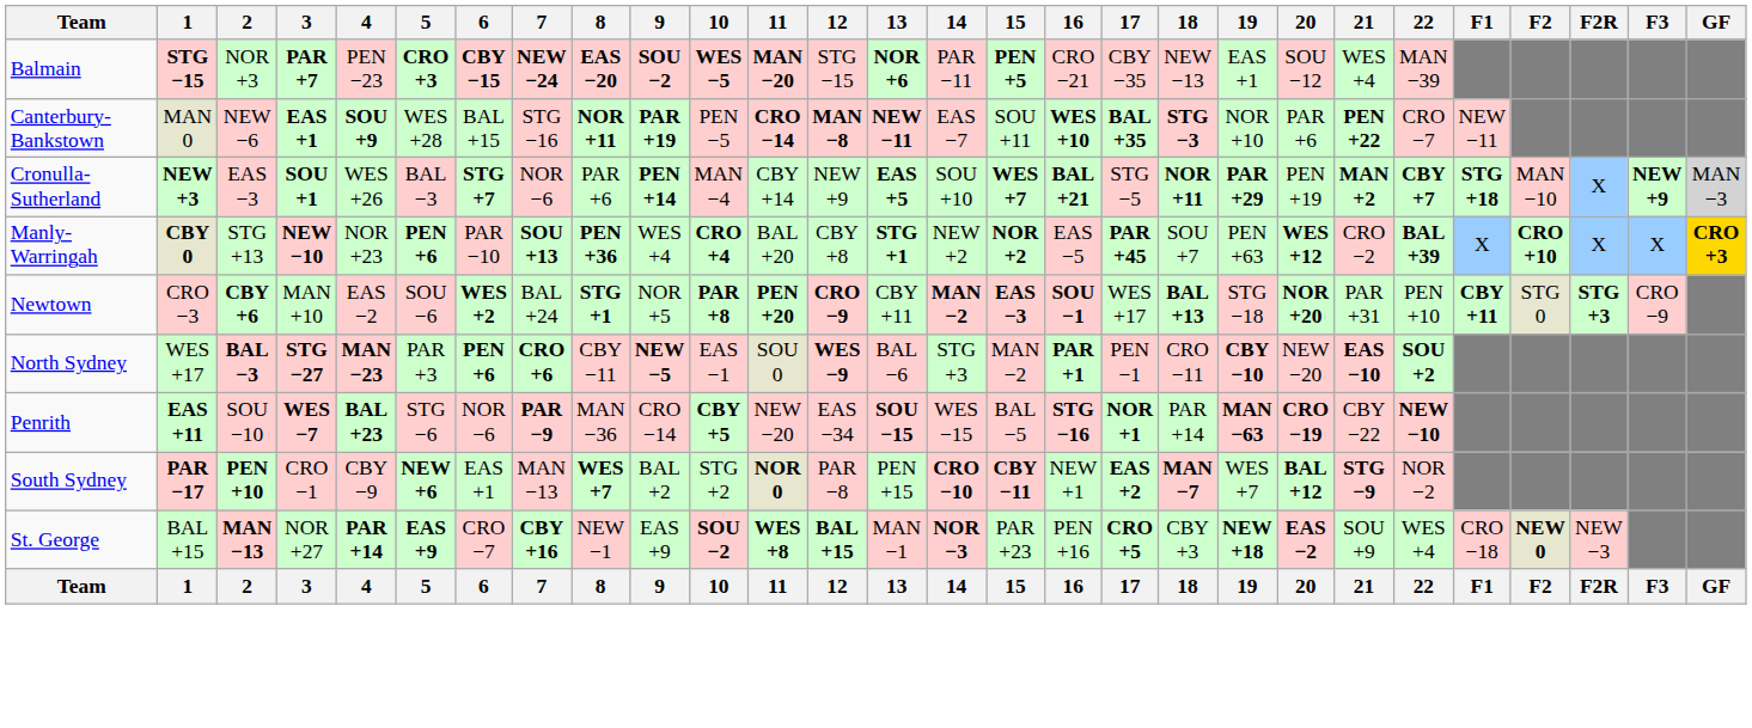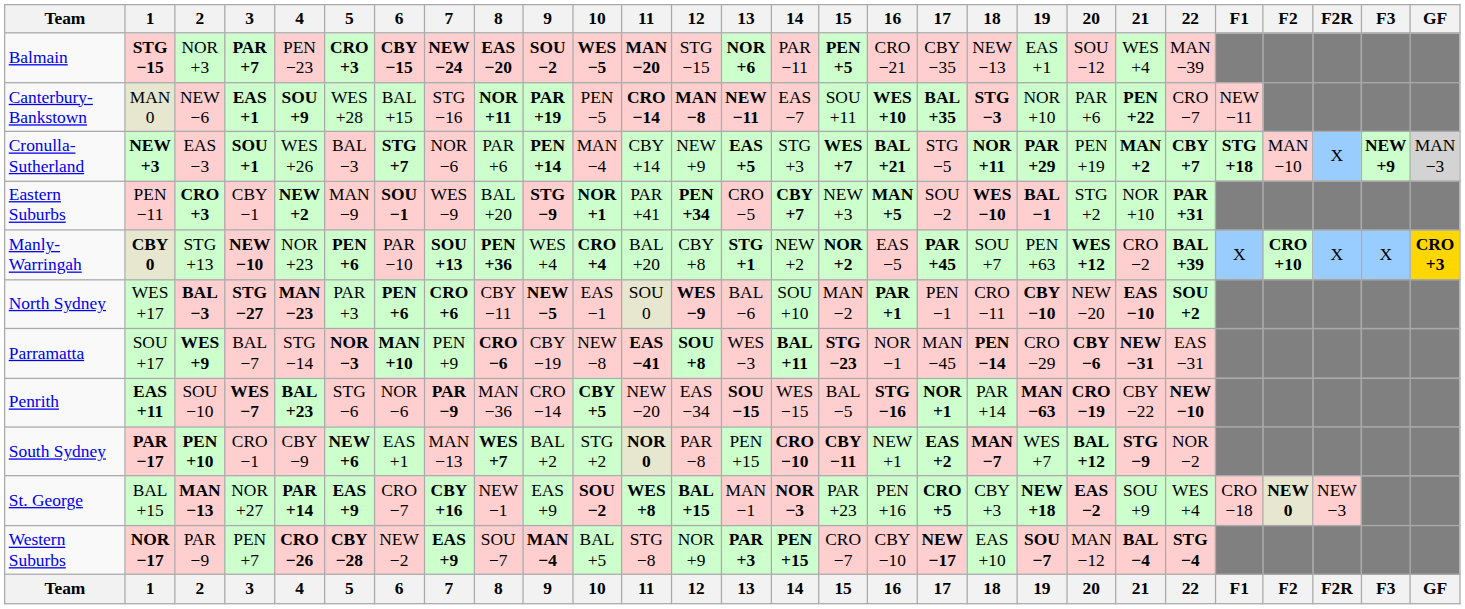 <table class="wikitable sortable" style="font-size:85%; text-align:center; width:90%">
 <tr valign="top">
 <th valign="middle">Team</th>
 <th>1</th>
 <th>2</th>
 <th>3</th>
 <th>4</th>
 <th>5</th>
 <th>6</th>
 <th>7</th>
 <th>8</th>
 <th>9</th>
 <th>10</th>
 <th>11</th>
 <th>12</th>
 <th>13</th>
 <th>14</th>
 <th>15</th>
 <th>16</th>
 <th>17</th>
 <th>18</th>
 <th>19</th>
 <th>20</th>
 <th>21</th>
 <th>22</th>
 <th>F1</th>
 <th>F2</th>
 <th>F2R</th>
 <th>F3</th>
 <th>GF</th>
 </tr>
 <tr>
 <td align="left"><a href='#'>Balmain</a></td>
 <td style="background:#FFCFCF;"><strong>STG<br>−15</strong></td>
 <td style="background:#cfc;">NOR<br>+3</td>
 <td style="background:#cfc;"><strong>PAR<br>+7</strong></td>
 <td style="background:#FFCFCF;">PEN<br>−23</td>
 <td style="background:#cfc;"><strong>CRO<br>+3</strong></td>
 <td style="background:#FFCFCF;"><strong>CBY<br>−15</strong></td>
 <td style="background:#FFCFCF;"><strong>NEW<br>−24</strong></td>
 <td style="background:#FFCFCF;"><strong>EAS<br>−20</strong></td>
 <td style="background:#FFCFCF;"><strong>SOU<br>−2</strong></td>
 <td style="background:#FFCFCF;"><strong>WES<br>−5</strong></td>
 <td style="background:#FFCFCF;"><strong>MAN<br>−20</strong></td>
 <td style="background:#FFCFCF;">STG<br>−15</td>
 <td style="background:#cfc;"><strong>NOR<br>+6</strong></td>
 <td style="background:#FFCFCF;">PAR<br>−11</td>
 <td style="background:#cfc;"><strong>PEN<br>+5</strong></td>
 <td style="background:#FFCFCF;">CRO<br>−21</td>
 <td style="background:#FFCFCF;">CBY<br>−35</td>
 <td style="background:#FFCFCF;">NEW<br>−13</td>
 <td style="background:#cfc;">EAS<br>+1</td>
 <td style="background:#FFCFCF;">SOU<br>−12</td>
 <td style="background:#cfc;">WES<br>+4</td>
 <td style="background:#FFCFCF;">MAN<br>−39</td>
 <td style="background:#808080;"></td>
 <td style="background:#808080;"></td>
 <td style="background:#808080;"></td>
 <td style="background:#808080;"></td>
 <td style="background:#808080;"></td>
 </tr>
 <tr>
 <td align="left"><a href='#'>Canterbury-Bankstown</a></td>
 <td style="background:#E6E7CE">MAN<br>0</td>
 <td style="background:#FFCFCF;">NEW<br>−6</td>
 <td style="background:#cfc;"><strong>EAS<br>+1</strong></td>
 <td style="background:#cfc;"><strong>SOU<br>+9</strong></td>
 <td style="background:#cfc;">WES<br>+28</td>
 <td style="background:#cfc;">BAL<br>+15</td>
 <td style="background:#FFCFCF;">STG<br>−16</td>
 <td style="background:#cfc;"><strong>NOR<br>+11</strong></td>
 <td style="background:#cfc;"><strong>PAR<br>+19</strong></td>
 <td style="background:#FFCFCF;">PEN<br>−5</td>
 <td style="background:#FFCFCF;"><strong>CRO<br>−14</strong></td>
 <td style="background:#FFCFCF;"><strong>MAN<br>−8</strong></td>
 <td style="background:#FFCFCF;"><strong>NEW<br>−11</strong></td>
 <td style="background:#FFCFCF;">EAS<br>−7</td>
 <td style="background:#cfc;">SOU<br>+11</td>
 <td style="background:#cfc;"><strong>WES<br>+10</strong></td>
 <td style="background:#cfc;"><strong>BAL<br>+35</strong></td>
 <td style="background:#FFCFCF;"><strong>STG<br>−3</strong></td>
 <td style="background:#cfc;">NOR<br>+10</td>
 <td style="background:#cfc;">PAR<br>+6</td>
 <td style="background:#cfc;"><strong>PEN<br>+22</strong></td>
 <td style="background:#FFCFCF;">CRO<br>−7</td>
 <td style="background:#FFCFCF;">NEW<br>−11</td>
 <td style="background:#808080;"></td>
 <td style="background:#808080;"></td>
 <td style="background:#808080;"></td>
 <td style="background:#808080;"></td>
 </tr>
 <tr>
 <td align="left"><a href='#'>Cronulla-Sutherland</a></td>
 <td style="background:#cfc;"><strong>NEW<br>+3</strong></td>
 <td style="background:#FFCFCF;">EAS<br>−3</td>
 <td style="background:#cfc;"><strong>SOU<br>+1</strong></td>
 <td style="background:#cfc;">WES<br>+26</td>
 <td style="background:#FFCFCF;">BAL<br>−3</td>
 <td style="background:#cfc;"><strong>STG<br>+7</strong></td>
 <td style="background:#FFCFCF;">NOR<br>−6</td>
 <td style="background:#cfc;">PAR<br>+6</td>
 <td style="background:#cfc;"><strong>PEN<br>+14</strong></td>
 <td style="background:#FFCFCF;">MAN<br>−4</td>
 <td style="background:#cfc;">CBY<br>+14</td>
 <td style="background:#cfc;">NEW<br>+9</td>
 <td style="background:#cfc;"><strong>EAS<br>+5</strong></td>
-<td style="background:#cfc;">SOU<br>+10</td>
+<td style="background:#cfc;">STG<br>+3</td>
 <td style="background:#cfc;"><strong>WES<br>+7</strong></td>
 <td style="background:#cfc;"><strong>BAL<br>+21</strong></td>
 <td style="background:#FFCFCF;">STG<br>−5</td>
 <td style="background:#cfc;"><strong>NOR<br>+11</strong></td>
 <td style="background:#cfc;"><strong>PAR<br>+29</strong></td>
 <td style="background:#cfc;">PEN<br>+19</td>
 <td style="background:#cfc;"><strong>MAN<br>+2</strong></td>
 <td style="background:#cfc;"><strong>CBY<br>+7</strong></td>
 <td style="background:#cfc;"><strong>STG<br>+18</strong></td>
 <td style="background:#FFCFCF;">MAN<br>−10</td>
 <td style="background:#99ccff;">X</td>
 <td style="background:#cfc;"><strong>NEW<br>+9</strong></td>
 <td style="background:#D3D3D3;">MAN<br>−3</td>
+</tr>
+<tr>
+<td align="left"><a href='#'>Eastern Suburbs</a></td>
+<td style="background:#FFCFCF;">PEN<br>−11</td>
+<td style="background:#cfc;"><strong>CRO<br>+3</strong></td>
+<td style="background:#FFCFCF;">CBY<br>−1</td>
+<td style="background:#cfc;"><strong>NEW<br>+2</strong></td>
+<td style="background:#FFCFCF;">MAN<br>−9</td>
+<td style="background:#FFCFCF;"><strong>SOU<br>−1</strong></td>
+<td style="background:#FFCFCF;">WES<br>−9</td>
+<td style="background:#cfc;">BAL<br>+20</td>
+<td style="background:#FFCFCF;"><strong>STG<br>−9</strong></td>
+<td style="background:#cfc;"><strong>NOR<br>+1</strong></td>
+<td style="background:#cfc;">PAR<br>+41</td>
+<td style="background:#cfc;"><strong>PEN<br>+34</strong></td>
+<td style="background:#FFCFCF;">CRO<br>−5</td>
+<td style="background:#cfc;"><strong>CBY<br>+7</strong></td>
+<td style="background:#cfc;">NEW<br>+3</td>
+<td style="background:#cfc;"><strong>MAN<br>+5</strong></td>
+<td style="background:#FFCFCF;">SOU<br>−2</td>
+<td style="background:#FFCFCF;"><strong>WES<br>−10</strong></td>
+<td style="background:#FFCFCF;"><strong>BAL<br>−1</strong></td>
+<td style="background:#cfc;">STG<br>+2</td>
+<td style="background:#cfc;">NOR<br>+10</td>
+<td style="background:#cfc;"><strong>PAR<br>+31</strong></td>
+<td style="background:#808080;"></td>
+<td style="background:#808080;"></td>
+<td style="background:#808080;"></td>
+<td style="background:#808080;"></td>
+<td style="background:#808080;"></td>
 </tr>
 <tr>
 <td align="left"><a href='#'>Manly-Warringah</a></td>
 <td style="background:#E6E7CE"><strong>CBY<br>0</strong></td>
 <td style="background:#cfc;">STG<br>+13</td>
 <td style="background:#FFCFCF;"><strong>NEW<br>−10</strong></td>
 <td style="background:#cfc;">NOR<br>+23</td>
 <td style="background:#cfc;"><strong>PEN<br>+6</strong></td>
 <td style="background:#FFCFCF;">PAR<br>−10</td>
 <td style="background:#cfc;"><strong>SOU<br>+13</strong></td>
 <td style="background:#cfc;"><strong>PEN<br>+36</strong></td>
 <td style="background:#cfc;">WES<br>+4</td>
 <td style="background:#cfc;"><strong>CRO<br>+4</strong></td>
 <td style="background:#cfc;">BAL <br>+20</td>
 <td style="background:#cfc;">CBY<br>+8</td>
 <td style="background:#cfc;"><strong>STG<br>+1</strong></td>
 <td style="background:#cfc;">NEW<br>+2</td>
 <td style="background:#cfc;"><strong>NOR<br>+2</strong></td>
 <td style="background:#FFCFCF;">EAS<br>−5</td>
 <td style="background:#cfc;"><strong>PAR<br>+45</strong></td>
 <td style="background:#cfc;">SOU<br>+7</td>
 <td style="background:#cfc;">PEN<br>+63</td>
 <td style="background:#cfc;"><strong>WES<br>+12</strong></td>
 <td style="background:#FFCFCF;">CRO<br>−2</td>
 <td style="background:#cfc;"><strong>BAL<br>+39</strong></td>
 <td style="background:#99ccff;">X</td>
 <td style="background:#cfc;"><strong>CRO<br>+10</strong></td>
 <td style="background:#99ccff;">X</td>
 <td style="background:#99ccff;">X</td>
 <td style="background:#FFD700;"><strong>CRO<br>+3</strong></td>
 </tr>
 <tr>
-<td align="left"><a href='#'>Newtown</a></td>
-<td style="background:#FFCFCF;">CRO<br>−3</td>
-<td style="background:#cfc;"><strong>CBY<br>+6</strong></td>
-<td style="background:#cfc;">MAN<br>+10</td>
-<td style="background:#FFCFCF;">EAS<br>−2</td>
-<td style="background:#FFCFCF;">SOU<br>−6</td>
-<td style="background:#cfc;"><strong>WES<br>+2</strong></td>
-<td style="background:#cfc;">BAL<br>+24</td>
-<td style="background:#cfc;"><strong>STG<br>+1</strong></td>
-<td style="background:#cfc;">NOR<br>+5</td>
-<td style="background:#cfc;"><strong>PAR<br>+8</strong></td>
-<td style="background:#cfc;"><strong>PEN<br>+20</strong></td>
-<td style="background:#FFCFCF;"><strong>CRO<br>−9</strong></td>
-<td style="background:#cfc;">CBY<br>+11</td>
-<td style="background:#FFCFCF;"><strong>MAN<br>−2</strong></td>
-<td style="background:#FFCFCF;"><strong>EAS<br>−3</strong></td>
-<td style="background:#FFCFCF;"><strong>SOU<br>−1</strong></td>
-<td style="background:#cfc;">WES<br>+17</td>
-<td style="background:#cfc;"><strong>BAL<br>+13</strong></td>
-<td style="background:#FFCFCF;">STG<br>−18</td>
-<td style="background:#cfc;"><strong>NOR<br>+20</strong></td>
-<td style="background:#cfc;">PAR<br>+31</td>
-<td style="background:#cfc;">PEN<br>+10</td>
-<td style="background:#cfc;"><strong>CBY<br>+11</strong></td>
-<td style="background:#E6E7CE">STG<br>0</td>
-<td style="background:#cfc;"><strong>STG<br>+3</strong></td>
-<td style="background:#FFCFCF;">CRO<br>−9</td>
-<td style="background:#808080;"></td>
-</tr>
-<tr>
 <td align="left"><a href='#'>North Sydney</a></td>
 <td style="background:#cfc;">WES<br>+17</td>
 <td style="background:#FFCFCF;"><strong>BAL<br>−3</strong></td>
 <td style="background:#FFCFCF;"><strong>STG<br>−27</strong></td>
 <td style="background:#FFCFCF;"><strong>MAN<br>−23</strong></td>
 <td style="background:#cfc;">PAR<br>+3</td>
 <td style="background:#cfc;"><strong>PEN<br>+6</strong></td>
 <td style="background:#cfc;"><strong>CRO<br>+6</strong></td>
 <td style="background:#FFCFCF;">CBY<br>−11</td>
 <td style="background:#FFCFCF;"><strong>NEW<br>−5</strong></td>
 <td style="background:#FFCFCF;">EAS<br>−1</td>
 <td style="background:#E6E7CE">SOU<br>0</td>
 <td style="background:#FFCFCF;"><strong>WES<br>−9</strong></td>
 <td style="background:#FFCFCF;">BAL<br>−6</td>
-<td style="background:#cfc;">STG<br>+3</td>
+<td style="background:#cfc;">SOU<br>+10</td>
 <td style="background:#FFCFCF;">MAN<br>−2</td>
 <td style="background:#cfc;"><strong>PAR<br>+1</strong></td>
 <td style="background:#FFCFCF;">PEN<br>−1</td>
 <td style="background:#FFCFCF;">CRO<br>−11</td>
 <td style="background:#FFCFCF;"><strong>CBY<br>−10</strong></td>
 <td style="background:#FFCFCF;">NEW<br>−20</td>
 <td style="background:#FFCFCF;"><strong>EAS<br>−10</strong></td>
 <td style="background:#cfc;"><strong>SOU<br>+2</strong></td>
+<td style="background:#808080;"></td>
+<td style="background:#808080;"></td>
+<td style="background:#808080;"></td>
+<td style="background:#808080;"></td>
+<td style="background:#808080;"></td>
+</tr>
+<tr>
+<td align="left"><a href='#'>Parramatta</a></td>
+<td style="background:#cfc;">SOU<br>+17</td>
+<td style="background:#cfc;"><strong>WES<br>+9</strong></td>
+<td style="background:#FFCFCF;">BAL<br>−7</td>
+<td style="background:#FFCFCF;">STG<br>−14</td>
+<td style="background:#FFCFCF;"><strong>NOR<br>−3</strong></td>
+<td style="background:#cfc;"><strong>MAN<br>+10</strong></td>
+<td style="background:#cfc;">PEN<br>+9</td>
+<td style="background:#FFCFCF;"><strong>CRO<br>−6</strong></td>
+<td style="background:#FFCFCF;">CBY<br>−19</td>
+<td style="background:#FFCFCF;">NEW<br>−8</td>
+<td style="background:#FFCFCF;"><strong>EAS<br>−41</strong></td>
+<td style="background:#cfc;"><strong>SOU<br>+8</strong></td>
+<td style="background:#FFCFCF;">WES<br>−3</td>
+<td style="background:#cfc;"><strong>BAL<br>+11</strong></td>
+<td style="background:#FFCFCF;"><strong>STG<br>−23</strong></td>
+<td style="background:#FFCFCF;">NOR<br>−1</td>
+<td style="background:#FFCFCF;">MAN<br>−45</td>
+<td style="background:#FFCFCF;"><strong>PEN<br>−14</strong></td>
+<td style="background:#FFCFCF;">CRO<br>−29</td>
+<td style="background:#FFCFCF;"><strong>CBY<br>−6</strong></td>
+<td style="background:#FFCFCF;"><strong>NEW<br>−31</strong></td>
+<td style="background:#FFCFCF;">EAS<br>−31</td>
 <td style="background:#808080;"></td>
 <td style="background:#808080;"></td>
 <td style="background:#808080;"></td>
 <td style="background:#808080;"></td>
 <td style="background:#808080;"></td>
 </tr>
 <tr>
 <td align="left"><a href='#'>Penrith</a></td>
 <td style="background:#cfc;"><strong>EAS<br>+11</strong></td>
 <td style="background:#FFCFCF;">SOU<br>−10</td>
 <td style="background:#FFCFCF;"><strong>WES<br>−7</strong></td>
 <td style="background:#cfc;"><strong>BAL<br>+23</strong></td>
 <td style="background:#FFCFCF;">STG<br>−6</td>
 <td style="background:#FFCFCF;">NOR<br>−6</td>
 <td style="background:#FFCFCF;"><strong>PAR<br>−9</strong></td>
 <td style="background:#FFCFCF;">MAN<br>−36</td>
 <td style="background:#FFCFCF;">CRO<br>−14</td>
 <td style="background:#cfc;"><strong>CBY<br>+5</strong></td>
 <td style="background:#FFCFCF;">NEW<br>−20</td>
 <td style="background:#FFCFCF;">EAS<br>−34</td>
 <td style="background:#FFCFCF;"><strong>SOU<br>−15</strong></td>
 <td style="background:#FFCFCF;">WES<br>−15</td>
 <td style="background:#FFCFCF;">BAL<br>−5</td>
 <td style="background:#FFCFCF;"><strong>STG<br>−16</strong></td>
 <td style="background:#cfc;"><strong>NOR<br>+1</strong></td>
 <td style="background:#cfc;">PAR<br>+14</td>
 <td style="background:#FFCFCF;"><strong>MAN<br>−63</strong></td>
 <td style="background:#FFCFCF;"><strong>CRO<br>−19</strong></td>
 <td style="background:#FFCFCF;">CBY<br>−22</td>
 <td style="background:#FFCFCF;"><strong>NEW<br>−10</strong></td>
 <td style="background:#808080;"></td>
 <td style="background:#808080;"></td>
 <td style="background:#808080;"></td>
 <td style="background:#808080;"></td>
 <td style="background:#808080;"></td>
 </tr>
 <tr>
 <td align="left"><a href='#'>South Sydney</a></td>
 <td style="background:#FFCFCF;"><strong>PAR<br>−17</strong></td>
 <td style="background:#cfc;"><strong>PEN<br>+10</strong></td>
 <td style="background:#FFCFCF;">CRO<br>−1</td>
 <td style="background:#FFCFCF;">CBY<br>−9</td>
 <td style="background:#cfc;"><strong>NEW<br>+6</strong></td>
 <td style="background:#cfc;">EAS<br>+1</td>
 <td style="background:#FFCFCF;">MAN<br>−13</td>
 <td style="background:#cfc;"><strong>WES<br>+7</strong></td>
 <td style="background:#cfc;">BAL<br>+2</td>
 <td style="background:#cfc;">STG<br>+2</td>
 <td style="background:#E6E7CE"><strong>NOR<br>0</strong></td>
 <td style="background:#FFCFCF;">PAR<br>−8</td>
 <td style="background:#cfc;">PEN<br>+15</td>
 <td style="background:#FFCFCF;"><strong>CRO<br>−10</strong></td>
 <td style="background:#FFCFCF;"><strong>CBY<br>−11</strong></td>
 <td style="background:#cfc;">NEW<br>+1</td>
 <td style="background:#cfc;"><strong>EAS<br>+2</strong></td>
 <td style="background:#FFCFCF;"><strong>MAN<br>−7</strong></td>
 <td style="background:#cfc;">WES<br>+7</td>
 <td style="background:#cfc;"><strong>BAL<br>+12</strong></td>
 <td style="background:#FFCFCF;"><strong>STG<br>−9</strong></td>
 <td style="background:#FFCFCF;">NOR<br>−2</td>
 <td style="background:#808080;"></td>
 <td style="background:#808080;"></td>
 <td style="background:#808080;"></td>
 <td style="background:#808080;"></td>
 <td style="background:#808080;"></td>
 </tr>
 <tr>
 <td align="left"><a href='#'>St. George</a></td>
 <td style="background:#cfc;">BAL<br>+15</td>
 <td style="background:#FFCFCF;"><strong>MAN<br>−13</strong></td>
 <td style="background:#cfc;">NOR<br>+27</td>
 <td style="background:#cfc;"><strong>PAR<br>+14</strong></td>
 <td style="background:#cfc;"><strong>EAS<br>+9</strong></td>
 <td style="background:#FFCFCF;">CRO<br>−7</td>
 <td style="background:#cfc;"><strong>CBY<br>+16</strong></td>
 <td style="background:#FFCFCF;">NEW<br>−1</td>
 <td style="background:#cfc;">EAS<br>+9</td>
 <td style="background:#FFCFCF;"><strong>SOU<br>−2</strong></td>
 <td style="background:#cfc;"><strong>WES<br>+8</strong></td>
 <td style="background:#cfc;"><strong>BAL<br>+15</strong></td>
 <td style="background:#FFCFCF;">MAN<br>−1</td>
 <td style="background:#FFCFCF;"><strong>NOR<br>−3</strong></td>
 <td style="background:#cfc;">PAR<br>+23</td>
 <td style="background:#cfc;">PEN<br>+16</td>
 <td style="background:#cfc;"><strong>CRO<br>+5</strong></td>
 <td style="background:#cfc;">CBY<br>+3</td>
 <td style="background:#cfc;"><strong>NEW<br>+18</strong></td>
 <td style="background:#FFCFCF;"><strong>EAS<br>−2</strong></td>
 <td style="background:#cfc;">SOU<br>+9</td>
 <td style="background:#cfc;">WES<br>+4</td>
 <td style="background:#FFCFCF;">CRO<br>−18</td>
 <td style="background:#E6E7CE"><strong>NEW<br>0</strong></td>
 <td style="background:#FFCFCF;">NEW<br>−3</td>
 <td style="background:#808080;"></td>
 <td style="background:#808080;"></td>
 </tr>
+<tr>
+<td align="left"><a href='#'>Western Suburbs</a></td>
+<td style="background:#FFCFCF;"><strong>NOR<br>−17</strong></td>
+<td style="background:#FFCFCF;">PAR<br>−9</td>
+<td style="background:#cfc;">PEN<br>+7</td>
+<td style="background:#FFCFCF;"><strong>CRO<br>−26</strong></td>
+<td style="background:#FFCFCF;"><strong>CBY<br>−28</strong></td>
+<td style="background:#FFCFCF;">NEW<br>−2</td>
+<td style="background:#cfc;"><strong>EAS<br>+9</strong></td>
+<td style="background:#FFCFCF;">SOU<br>−7</td>
+<td style="background:#FFCFCF;"><strong>MAN<br>−4</strong></td>
+<td style="background:#cfc;">BAL<br>+5</td>
+<td style="background:#FFCFCF;">STG<br>−8</td>
+<td style="background:#cfc;">NOR<br>+9</td>
+<td style="background:#cfc;"><strong>PAR<br>+3</strong></td>
+<td style="background:#cfc;"><strong>PEN<br>+15</strong></td>
+<td style="background:#FFCFCF;">CRO<br>−7</td>
+<td style="background:#FFCFCF;">CBY<br>−10</td>
+<td style="background:#FFCFCF;"><strong>NEW<br>−17</strong></td>
+<td style="background:#cfc;">EAS<br>+10</td>
+<td style="background:#FFCFCF;"><strong>SOU<br>−7</strong></td>
+<td style="background:#FFCFCF;">MAN<br>−12</td>
+<td style="background:#FFCFCF;"><strong>BAL<br>−4</strong></td>
+<td style="background:#FFCFCF;"><strong>STG<br>−4</strong></td>
+<td style="background:#808080;"></td>
+<td style="background:#808080;"></td>
+<td style="background:#808080;"></td>
+<td style="background:#808080;"></td>
+<td style="background:#808080;"></td>
+</tr>
 <tr valign="top">
 <th valign="middle">Team</th>
 <th>1</th>
 <th>2</th>
 <th>3</th>
 <th>4</th>
 <th>5</th>
 <th>6</th>
 <th>7</th>
 <th>8</th>
 <th>9</th>
 <th>10</th>
 <th>11</th>
 <th>12</th>
 <th>13</th>
 <th>14</th>
 <th>15</th>
 <th>16</th>
 <th>17</th>
 <th>18</th>
 <th>19</th>
 <th>20</th>
 <th>21</th>
 <th>22</th>
 <th>F1</th>
 <th>F2</th>
 <th>F2R</th>
 <th>F3</th>
 <th>GF</th>
 </tr>
 </table>
